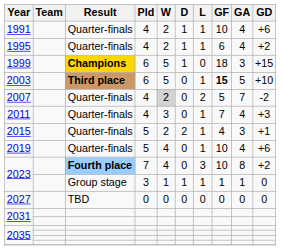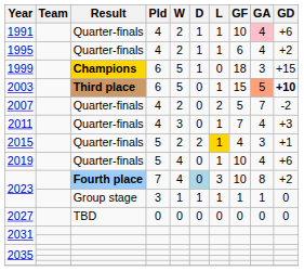 <table class="wikitable sortable" style="text-align:center;">
 <tr>
 <th>Year</th>
 <th>Team</th>
 <th>Result</th>
 <th width=20>Pld</th>
 <th width=20>W</th>
 <th width=20>D</th>
 <th width=20>L</th>
 <th width=20>GF</th>
 <th width=20>GA</th>
 <th width=20>GD</th>
 </tr>
 <tr>
 <td><a href='#'>1991</a></td>
 <td align=left></td>
 <td align=left data-sort-value="-5">Quarter-finals</td>
 <td>4</td>
 <td>2</td>
 <td>1</td>
 <td>1</td>
 <td>10</td>
-<td>4</td>
+<td style="background: pink;">4</td>
 <td>+6</td>
 </tr>
 <tr>
 <td><a href='#'>1995</a></td>
 <td align=left></td>
 <td align=left data-sort-value="-5">Quarter-finals</td>
 <td>4</td>
 <td>2</td>
 <td>1</td>
 <td>1</td>
 <td>6</td>
 <td>4</td>
 <td>+2</td>
 </tr>
 <tr>
 <td><a href='#'>1999</a></td>
 <td align=left></td>
 <td align=left bgcolor=gold data-sort-value="-1"><strong>Champions</strong></td>
 <td>6</td>
 <td>5</td>
 <td>1</td>
 <td>0</td>
 <td>18</td>
 <td>3</td>
 <td>+15</td>
 </tr>
 <tr>
 <td><a href='#'>2003</a></td>
 <td align=left></td>
 <td align=left bgcolor=#cc9966 data-sort-value="-3"><strong>Third place</strong></td>
 <td>6</td>
 <td>5</td>
 <td>0</td>
 <td>1</td>
-<td><strong>15</strong></td>
-<td>5</td>
-<td>+10</td>
+<td>15</td>
+<td style="background: lightsalmon;">5</td>
+<td><strong>+10</strong></td>
 </tr>
 <tr>
 <td><a href='#'>2007</a></td>
 <td align=left></td>
 <td align=left data-sort-value="-5">Quarter-finals</td>
 <td>4</td>
-<td style="background: lightgrey;">2</td>
+<td>2</td>
 <td>0</td>
 <td>2</td>
 <td>5</td>
 <td>7</td>
 <td>-2</td>
 </tr>
 <tr>
 <td><a href='#'>2011</a></td>
 <td align=left></td>
 <td align=left data-sort-value="-5">Quarter-finals</td>
 <td>4</td>
 <td>3</td>
 <td>0</td>
 <td>1</td>
 <td>7</td>
 <td>4</td>
 <td>+3</td>
 </tr>
 <tr>
 <td><a href='#'>2015</a></td>
 <td align=left></td>
 <td align=left data-sort-value="-5">Quarter-finals</td>
 <td>5</td>
 <td>2</td>
 <td>2</td>
-<td>1</td>
+<td style="background: gold;">1</td>
 <td>4</td>
 <td>3</td>
 <td>+1</td>
 </tr>
 <tr>
 <td><a href='#'>2019</a></td>
 <td align=left></td>
 <td align=left data-sort-value="-5">Quarter-finals</td>
 <td>5</td>
 <td>4</td>
 <td>0</td>
 <td>1</td>
 <td>10</td>
 <td>4</td>
 <td>+6</td>
 </tr>
 <tr>
 <td rowspan=2><a href='#'>2023</a></td>
 <td align=left></td>
 <td align=left bgcolor=#9acdff><strong>Fourth place</strong></td>
 <td>7</td>
 <td>4</td>
-<td>0</td>
+<td style="background: lightblue;">0</td>
 <td>3</td>
 <td>10</td>
 <td>8</td>
 <td>+2</td>
 </tr>
 <tr>
 <td align=left></td>
 <td align=left>Group stage</td>
 <td>3</td>
 <td>1</td>
 <td>1</td>
 <td>1</td>
 <td>1</td>
 <td>1</td>
 <td>0</td>
 </tr>
 <tr>
 <td><a href='#'>2027</a></td>
 <td align=left></td>
 <td align=left data-sort-value="-5">TBD</td>
 <td>0</td>
 <td>0</td>
 <td>0</td>
 <td>0</td>
 <td>0</td>
 <td>0</td>
 <td>0</td>
 </tr>
 <tr>
 <td rowspan=2><a href='#'>2031</a></td>
 <td align=left></td>
 <td align=left bgcolor=></td>
 <td></td>
 <td></td>
 <td></td>
 <td></td>
 <td></td>
 <td></td>
 <td></td>
 </tr>
 <tr>
 <td align=left></td>
 <td align=left></td>
 <td></td>
 <td></td>
 <td></td>
 <td></td>
 <td></td>
 <td></td>
 <td></td>
 </tr>
 <tr>
 <td rowspan=4><a href='#'>2035</a></td>
 <td align=left></td>
 <td align=left bgcolor=></td>
 <td></td>
 <td></td>
 <td></td>
 <td></td>
 <td></td>
 <td></td>
 <td></td>
 </tr>
 <tr>
 <td align=left></td>
 <td align=left></td>
 <td></td>
 <td></td>
 <td></td>
 <td></td>
 <td></td>
 <td></td>
 <td></td>
 </tr>
 <tr>
 <td align=left></td>
 <td align=left></td>
 <td></td>
 <td></td>
 <td></td>
 <td></td>
 <td></td>
 <td></td>
 <td></td>
 </tr>
 <tr>
 <td align=left></td>
 <td align=left></td>
 <td></td>
 <td></td>
 <td></td>
 <td></td>
 <td></td>
 <td></td>
 <td></td>
 </tr>
 <tr>
 </tr>
 </table>
